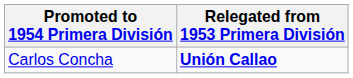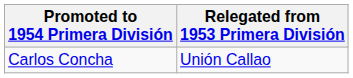 <table class="wikitable">
 <tr>
 <th>Promoted to<br><a href='#'>1954 Primera División</a></th>
 <th>Relegated from<br><a href='#'>1953 Primera División</a></th>
 </tr>
 <tr>
 <td> <a href='#'>Carlos Concha</a> </td>
-<td><strong> <a href='#'>Unión Callao</a> </strong></td>
+<td> <a href='#'>Unión Callao</a> </td>
 </tr>
 </table>
